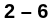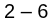 <table style="text-align:center">
 <tr>
 <th width=200></th>
 <th width=100></th>
 <th width=200></th>
 </tr>
 <tr>
 <td align=right></td>
-<td><strong>2 – 6</strong></td>
+<td>2 – 6</td>
 <td align=left><strong></strong></td>
 </tr>
 </table>
